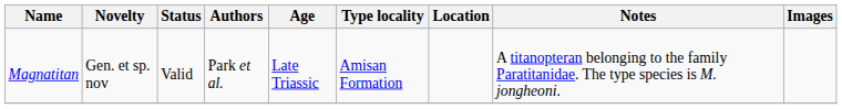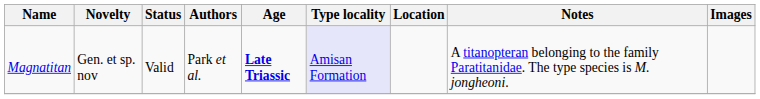 <table class="wikitable sortable" align="center" width="100%">
 <tr>
 <th>Name</th>
 <th>Novelty</th>
 <th>Status</th>
 <th>Authors</th>
 <th>Age</th>
 <th>Type locality</th>
 <th>Location</th>
 <th>Notes</th>
 <th>Images</th>
 </tr>
 <tr>
 <td><br><em><a href='#'>Magnatitan</a></em></td>
 <td><br>Gen. et sp. nov</td>
 <td><br>Valid</td>
 <td><br>Park <em>et al.</em></td>
-<td><br><a href='#'>Late Triassic</a></td>
-<td><br><a href='#'>Amisan Formation</a></td>
+<td><strong><br><a href='#'>Late Triassic</a></strong></td>
+<td style="background: lavender;"><br><a href='#'>Amisan Formation</a></td>
 <td><br></td>
 <td><br>A <a href='#'>titanopteran</a> belonging to the family <a href='#'>Paratitanidae</a>. The type species is <em>M. jongheoni</em>.</td>
 <td></td>
 </tr>
 <tr>
 </tr>
 </table>
